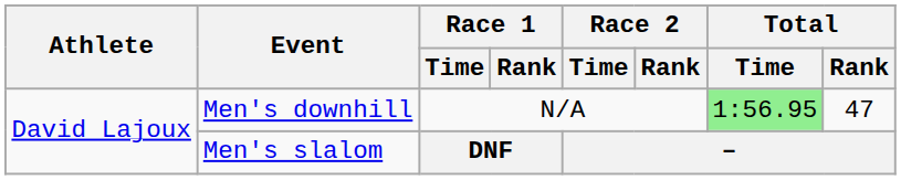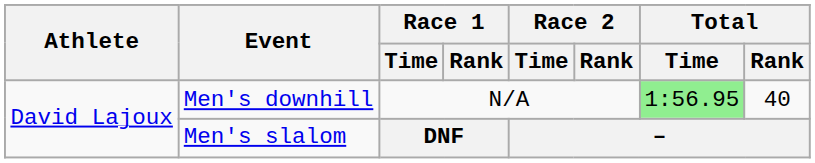 <table class="wikitable" style="font-size:90%">
 <tr>
 <th scope=col rowspan="2">Athlete</th>
 <th scope=col rowspan="2">Event</th>
 <th scope=col colspan="2">Race 1</th>
 <th scope=col colspan="2">Race 2</th>
 <th scope=col colspan="2">Total</th>
 </tr>
 <tr>
 <th>Time</th>
 <th>Rank</th>
 <th>Time</th>
 <th>Rank</th>
 <th>Time</th>
 <th>Rank</th>
 </tr>
 <tr>
 <td rowspan=2><a href='#'>David Lajoux</a></td>
 <td><a href='#'>Men's downhill</a></td>
 <td colspan="4" align="center">N/A</td>
 <td align="center" style="background: lightgreen;">1:56.95</td>
-<td align="center">47</td>
+<td align="center">40</td>
 </tr>
 <tr>
 <td><a href='#'>Men's slalom</a></td>
 <th colspan=2 align="center">DNF</th>
 <th colspan=4 align="center">–</th>
 </tr>
 </table>
